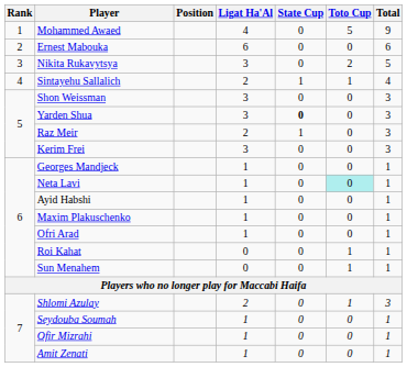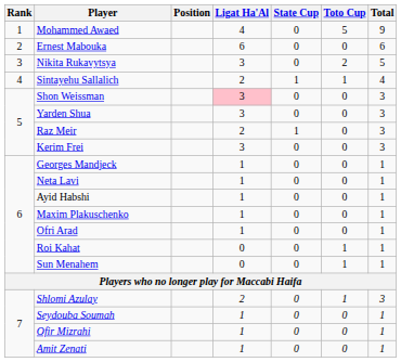 <table class="wikitable">
 <tr>
 <th>Rank</th>
 <th style="width:200px;">Player</th>
 <th>Position</th>
 <th><a href='#'>Ligat Ha'Al</a></th>
 <th><a href='#'>State Cup</a></th>
 <th><a href='#'>Toto Cup</a></th>
 <th>Total</th>
 </tr>
 <tr>
 <td align=center>1</td>
 <td> <a href='#'>Mohammed Awaed</a></td>
 <td align=center></td>
 <td align=center>4</td>
 <td align=center>0</td>
 <td align=center>5</td>
 <td align=center>9</td>
 </tr>
 <tr>
 <td align=center>2</td>
 <td> <a href='#'>Ernest Mabouka</a></td>
 <td align=center></td>
 <td align=center>6</td>
 <td align=center>0</td>
 <td align=center>0</td>
 <td align=center>6</td>
 </tr>
 <tr>
 <td align=center>3</td>
 <td>  <a href='#'>Nikita Rukavytsya</a></td>
 <td align=center></td>
 <td align=center>3</td>
 <td align=center>0</td>
 <td align=center>2</td>
 <td align=center>5</td>
 </tr>
 <tr>
 <td align=center>4</td>
 <td> <a href='#'>Sintayehu Sallalich</a></td>
 <td align=center></td>
 <td align=center>2</td>
 <td align=center>1</td>
 <td align=center>1</td>
 <td align=center>4</td>
 </tr>
 <tr>
 <td align=center rowspan=4>5</td>
 <td> <a href='#'>Shon Weissman</a></td>
 <td align=center></td>
-<td align=center>3</td>
+<td align=center style="background: pink;">3</td>
 <td align=center>0</td>
 <td align=center>0</td>
 <td align=center>3</td>
 </tr>
 <tr>
 <td> <a href='#'>Yarden Shua</a></td>
 <td align=center></td>
 <td align=center>3</td>
-<td align=center><strong>0</strong></td>
+<td align=center>0</td>
 <td align=center>0</td>
 <td align=center>3</td>
 </tr>
 <tr>
 <td> <a href='#'>Raz Meir</a></td>
 <td align=center></td>
 <td align=center>2</td>
 <td align=center>1</td>
 <td align=center>0</td>
 <td align=center>3</td>
 </tr>
 <tr>
 <td> <a href='#'>Kerim Frei</a></td>
 <td align=center></td>
 <td align=center>3</td>
 <td align=center>0</td>
 <td align=center>0</td>
 <td align=center>3</td>
 </tr>
 <tr>
 <td align=center rowspan=7>6</td>
 <td> <a href='#'>Georges Mandjeck</a></td>
 <td align=center></td>
 <td align=center>1</td>
 <td align=center>0</td>
 <td align=center>0</td>
 <td align=center>1</td>
 </tr>
 <tr>
 <td> <a href='#'>Neta Lavi</a></td>
 <td align=center></td>
 <td align=center>1</td>
 <td align=center>0</td>
-<td align=center style="background: paleturquoise;">0</td>
+<td align=center>0</td>
 <td align=center>1</td>
 </tr>
 <tr>
 <td> Ayid Habshi</td>
 <td align=center></td>
 <td align=center>1</td>
 <td align=center>0</td>
 <td align=center>0</td>
 <td align=center>1</td>
 </tr>
 <tr>
 <td> <a href='#'>Maxim Plakuschenko</a></td>
 <td align=center></td>
 <td align=center>1</td>
 <td align=center>0</td>
 <td align=center>0</td>
 <td align=center>1</td>
 </tr>
 <tr>
 <td> <a href='#'>Ofri Arad</a></td>
 <td align=center></td>
 <td align=center>1</td>
 <td align=center>0</td>
 <td align=center>0</td>
 <td align=center>1</td>
 </tr>
 <tr>
 <td> <a href='#'>Roi Kahat</a></td>
 <td align=center></td>
 <td align=center>0</td>
 <td align=center>0</td>
 <td align=center>1</td>
 <td align=center>1</td>
 </tr>
 <tr>
 <td> <a href='#'>Sun Menahem</a></td>
 <td align=center></td>
 <td align=center>0</td>
 <td align=center>0</td>
 <td align=center>1</td>
 <td align=center>1</td>
 </tr>
 <tr>
 <th colspan=34><em>Players who no longer play for Maccabi Haifa</em></th>
 </tr>
 <tr>
 <td align=center rowspan=6>7</td>
 <td> <em><a href='#'>Shlomi Azulay</a></em></td>
 <td align=center><em></em></td>
 <td align=center><em>2</em></td>
 <td align=center><em>0</em></td>
 <td align=center><em>1</em></td>
 <td align=center><em>3</em></td>
 </tr>
 <tr>
 <td> <em><a href='#'>Seydouba Soumah</a></em></td>
 <td align=center></td>
 <td align=center><em>1</em></td>
 <td align=center><em>0</em></td>
 <td align=center><em>0</em></td>
 <td align=center><em>1</em></td>
 </tr>
 <tr>
 <td> <em><a href='#'>Ofir Mizrahi</a></em></td>
 <td align=center><em></em></td>
 <td align=center><em>1</em></td>
 <td align=center><em>0</em></td>
 <td align=center><em>0</em></td>
 <td align=center><em>1</em></td>
 </tr>
 <tr>
 <td> <em><a href='#'>Amit Zenati</a></em></td>
 <td align=center><em></em></td>
 <td align=center><em>1</em></td>
 <td align=center><em>0</em></td>
 <td align=center><em>0</em></td>
 <td align=center><em>1</em></td>
 </tr>
 </table>
